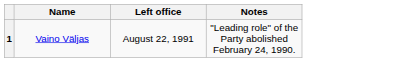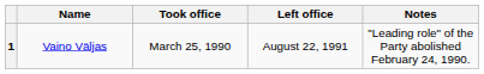 <table class="wikitable" style="text-align:center">
 <tr>
 <th></th>
 <th width="150">Name<br></th>
+<th width="150">Took office</th>
 <th width="150">Left office</th>
 <th width="150">Notes</th>
 </tr>
 <tr>
 <th style="background:">1</th>
 <td><a href='#'>Vaino Väljas</a></td>
+<td>March 25, 1990</td>
 <td>August 22, 1991</td>
 <td>"Leading role" of the Party abolished February 24, 1990.</td>
 </tr>
 </table>
